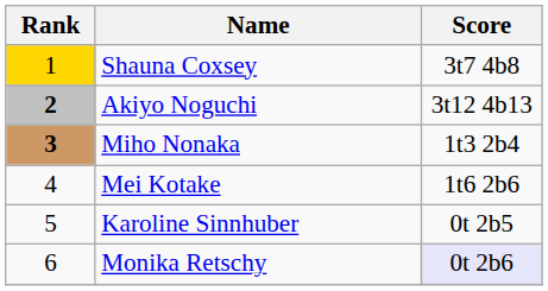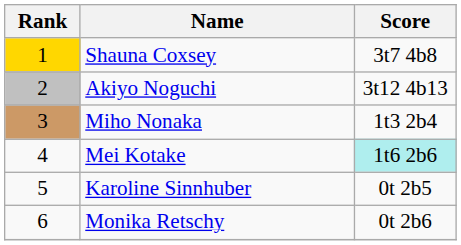 <table class="wikitable">
 <tr>
 <th width = "50">Rank</th>
 <th width = "200">Name</th>
 <th width = "70">Score</th>
 </tr>
 <tr>
 <td align="center" style="background: gold">1</td>
 <td> <a href='#'>Shauna Coxsey</a></td>
 <td align="center">3t7 4b8</td>
 </tr>
 <tr>
-<td align="center" style="background: silver"><strong>2</strong></td>
+<td align="center" style="background: silver">2</td>
 <td> <a href='#'>Akiyo Noguchi</a></td>
 <td align="center">3t12 4b13</td>
 </tr>
 <tr>
-<td align="center" style="background: #cc9966"><strong>3</strong></td>
+<td align="center" style="background: #cc9966">3</td>
 <td> <a href='#'>Miho Nonaka</a></td>
 <td align="center">1t3 2b4</td>
 </tr>
 <tr>
 <td align="center">4</td>
 <td> <a href='#'>Mei Kotake</a></td>
-<td align="center">1t6 2b6</td>
+<td align="center" style="background: paleturquoise;">1t6 2b6</td>
 </tr>
 <tr>
 <td align="center">5</td>
 <td> <a href='#'>Karoline Sinnhuber</a></td>
 <td align="center">0t 2b5</td>
 </tr>
 <tr>
 <td align="center">6</td>
 <td> <a href='#'>Monika Retschy</a></td>
-<td align="center" style="background: lavender;">0t 2b6</td>
+<td align="center">0t 2b6</td>
 </tr>
 <tr>
 </tr>
 </table>
